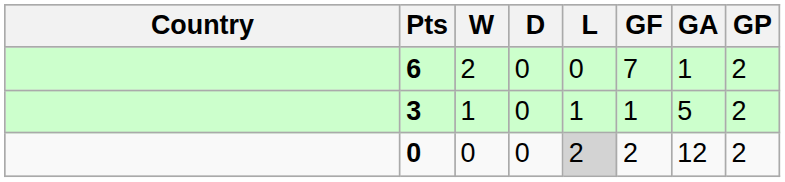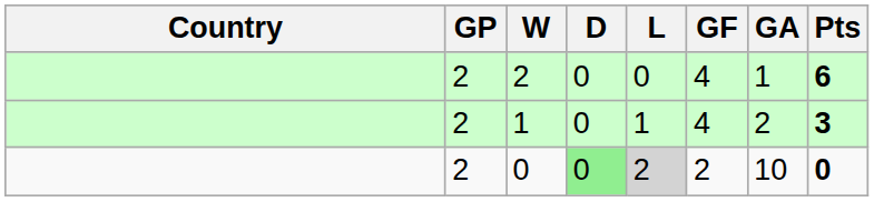 <table class="wikitable">
 <tr>
 <th width="51%"><strong>Country</strong></th>
-<th width="7%"><strong>Pts</strong></th>
+<th width="7%"><strong>GP</strong></th>
 <th width="7%"><strong>W</strong></th>
 <th width="7%"><strong>D</strong></th>
 <th width="7%"><strong>L</strong></th>
 <th width="7%"><strong>GF</strong></th>
 <th width="7%"><strong>GA</strong></th>
-<th width="7%"><strong>GP</strong></th>
+<th width="7%"><strong>Pts</strong></th>
 </tr>
 <tr style="background:#ccffcc;">
 <td></td>
-<td><strong>6</strong></td>
+<td>2</td>
 <td>2</td>
 <td>0</td>
 <td>0</td>
-<td>7</td>
+<td>4</td>
 <td>1</td>
-<td>2</td>
+<td><strong>6</strong></td>
 </tr>
 <tr style="background:#ccffcc;">
 <td></td>
-<td><strong>3</strong></td>
+<td>2</td>
 <td>1</td>
 <td>0</td>
 <td>1</td>
-<td>1</td>
-<td>5</td>
+<td>4</td>
 <td>2</td>
+<td><strong>3</strong></td>
 </tr>
 <tr>
 <td></td>
-<td><strong>0</strong></td>
+<td>2</td>
 <td>0</td>
-<td>0</td>
+<td style="background: lightgreen;">0</td>
 <td style="background: lightgrey;">2</td>
 <td>2</td>
-<td>12</td>
-<td>2</td>
+<td>10</td>
+<td><strong>0</strong></td>
 </tr>
 </table>
